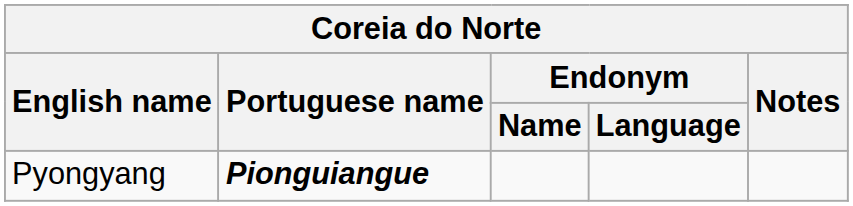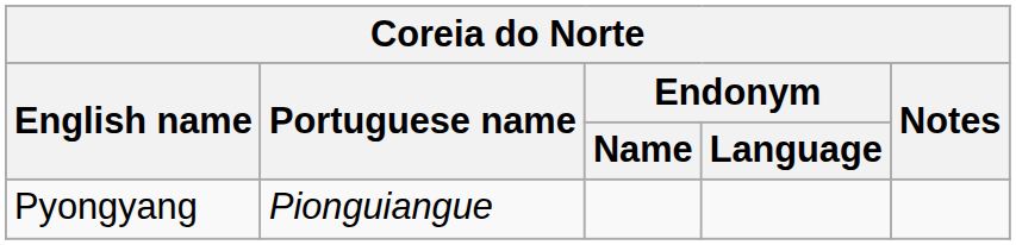 <table class="wikitable sortable">
 <tr>
 <th colspan="5"> Coreia do Norte</th>
 </tr>
 <tr>
 <th rowspan="2">English name</th>
 <th rowspan="2">Portuguese name</th>
 <th colspan="2">Endonym</th>
 <th rowspan="2">Notes</th>
 </tr>
 <tr>
 <th>Name</th>
 <th>Language</th>
 </tr>
 <tr>
 <td>Pyongyang</td>
-<td><strong><em>Pionguiangue</em></strong></td>
+<td><em>Pionguiangue</em></td>
 <td></td>
 <td></td>
 <td></td>
 </tr>
 </table>
